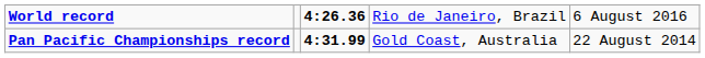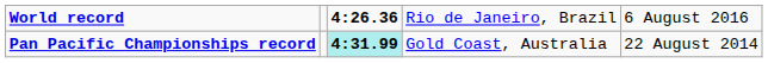 <table class="wikitable">
 <tr>
 <td><strong><a href='#'>World record</a></strong></td>
 <td></td>
 <td><strong>4:26.36</strong></td>
 <td><a href='#'>Rio de Janeiro</a>, Brazil</td>
 <td>6 August 2016</td>
 </tr>
 <tr>
 <td><strong><a href='#'>Pan Pacific Championships record</a></strong></td>
 <td></td>
-<td><strong>4:31.99</strong></td>
+<td style="background: paleturquoise;"><strong>4:31.99</strong></td>
 <td><a href='#'>Gold Coast</a>, Australia</td>
 <td>22 August 2014</td>
 </tr>
 </table>
